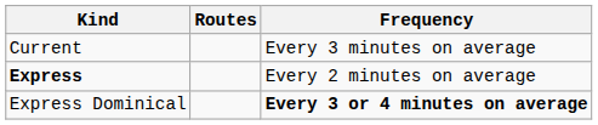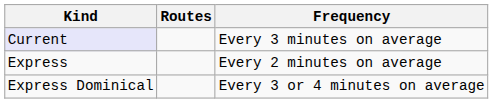 <table class="wikitable" style="margin:1em auto;">
 <tr>
 <th>Kind</th>
 <th>Routes</th>
 <th>Frequency</th>
 </tr>
 <tr>
-<td>Current</td>
+<td style="background: lavender;">Current</td>
 <td></td>
 <td>Every 3 minutes on average</td>
 </tr>
 <tr>
-<td><strong>Express</strong></td>
+<td>Express</td>
 <td></td>
 <td>Every 2 minutes on average</td>
 </tr>
 <tr>
 <td>Express Dominical</td>
 <td></td>
-<td><strong>Every 3 or 4 minutes on average</strong></td>
+<td>Every 3 or 4 minutes on average</td>
 </tr>
 </table>
